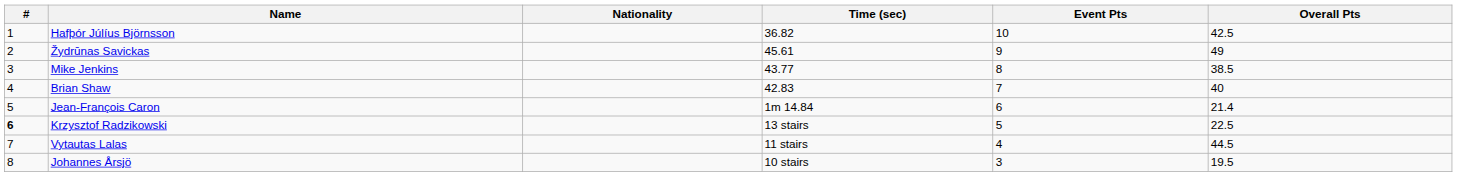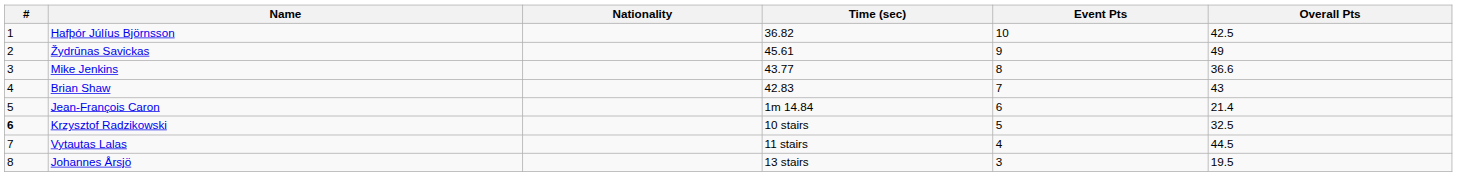 <table class="wikitable sortable" style="display: inline-table; width: 100%;">
 <tr>
 <th>#</th>
 <th>Name</th>
 <th>Nationality</th>
 <th>Time (sec)</th>
 <th>Event Pts</th>
 <th>Overall Pts</th>
 </tr>
 <tr>
 <td>1</td>
 <td><a href='#'>Hafþór Júlíus Björnsson</a></td>
 <td></td>
 <td>36.82</td>
 <td>10</td>
 <td>42.5</td>
 </tr>
 <tr>
 <td>2</td>
 <td><a href='#'>Žydrūnas Savickas</a></td>
 <td></td>
 <td>45.61</td>
 <td>9</td>
 <td>49</td>
 </tr>
 <tr>
 <td>3</td>
 <td><a href='#'>Mike Jenkins</a></td>
 <td></td>
 <td>43.77</td>
 <td>8</td>
-<td>38.5</td>
+<td>36.6</td>
 </tr>
 <tr>
 <td>4</td>
 <td><a href='#'>Brian Shaw</a></td>
 <td></td>
 <td>42.83</td>
 <td>7</td>
-<td>40</td>
+<td>43</td>
 </tr>
 <tr>
 <td>5</td>
 <td><a href='#'>Jean-François Caron</a></td>
 <td></td>
 <td>1m 14.84</td>
 <td>6</td>
 <td>21.4</td>
 </tr>
 <tr>
 <td><strong>6</strong></td>
 <td><a href='#'>Krzysztof Radzikowski</a></td>
 <td></td>
-<td>13 stairs</td>
+<td>10 stairs</td>
 <td>5</td>
-<td>22.5</td>
+<td>32.5</td>
 </tr>
 <tr>
 <td>7</td>
 <td><a href='#'>Vytautas Lalas</a></td>
 <td></td>
 <td>11 stairs</td>
 <td>4</td>
 <td>44.5</td>
 </tr>
 <tr>
 <td>8</td>
 <td><a href='#'>Johannes Årsjö</a></td>
 <td></td>
-<td>10 stairs</td>
+<td>13 stairs</td>
 <td>3</td>
 <td>19.5</td>
 </tr>
 </table>
